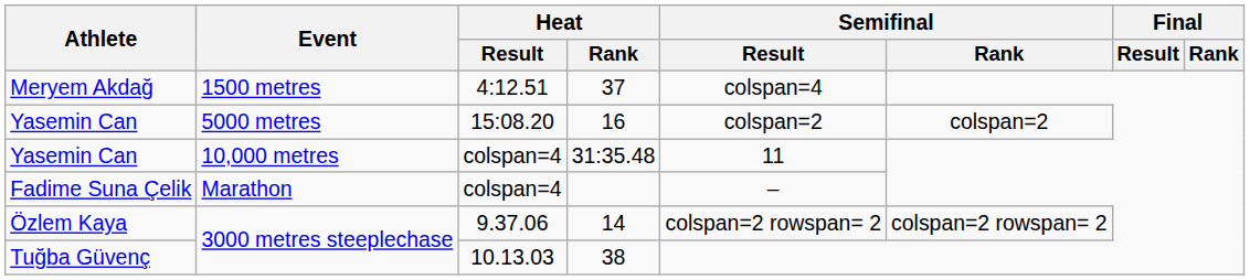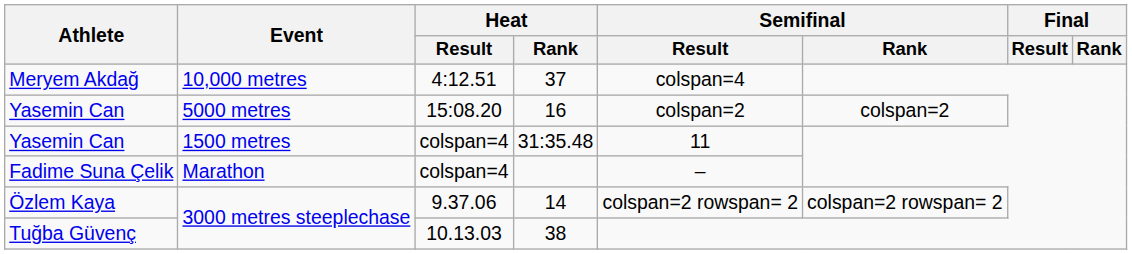 <table class="wikitable" style="font-size:90%">
 <tr>
 <th rowspan="2">Athlete</th>
 <th rowspan="2">Event</th>
 <th colspan="2">Heat</th>
 <th colspan="2">Semifinal</th>
 <th colspan="2">Final</th>
 </tr>
 <tr style="font-size:95%">
 <th>Result</th>
 <th>Rank</th>
 <th>Result</th>
 <th>Rank</th>
 <th>Result</th>
 <th>Rank</th>
 </tr>
 <tr style=text-align:center>
 <td style=text-align:left><a href='#'>Meryem Akdağ</a></td>
-<td style=text-align:left rowspan=1><a href='#'>1500 metres</a></td>
+<td style=text-align:left rowspan=1><a href='#'>10,000 metres</a></td>
 <td>4:12.51</td>
 <td>37</td>
 <td>colspan=4 </td>
 </tr>
 <tr style=text-align:center>
 <td style=text-align:left><a href='#'>Yasemin Can</a></td>
 <td style=text-align:left rowspan=1><a href='#'>5000 metres</a></td>
 <td>15:08.20</td>
 <td>16</td>
 <td>colspan=2 </td>
 <td>colspan=2 </td>
 </tr>
 <tr style=text-align:center>
 <td style=text-align:left><a href='#'>Yasemin Can</a></td>
-<td style=text-align:left rowspan=1><a href='#'>10,000 metres</a></td>
+<td style=text-align:left rowspan=1><a href='#'>1500 metres</a></td>
 <td>colspan=4 </td>
 <td>31:35.48</td>
 <td>11</td>
 </tr>
 <tr style=text-align:center>
 <td style=text-align:left><a href='#'>Fadime Suna Çelik</a></td>
 <td style=text-align:left rowspan=1><a href='#'>Marathon</a></td>
 <td>colspan=4 </td>
 <td></td>
 <td>–</td>
 </tr>
 <tr style=text-align:center>
 <td style=text-align:left><a href='#'>Özlem Kaya</a></td>
 <td style=text-align:left rowspan= 2><a href='#'>3000 metres steeplechase</a></td>
 <td>9.37.06</td>
 <td>14</td>
 <td>colspan=2 rowspan= 2 </td>
 <td>colspan=2 rowspan= 2 </td>
 </tr>
 <tr style=text-align:center>
 <td style=text-align:left><a href='#'>Tuğba Güvenç</a></td>
 <td>10.13.03</td>
 <td>38</td>
 </tr>
 </table>
